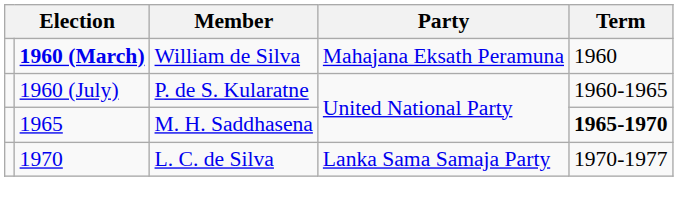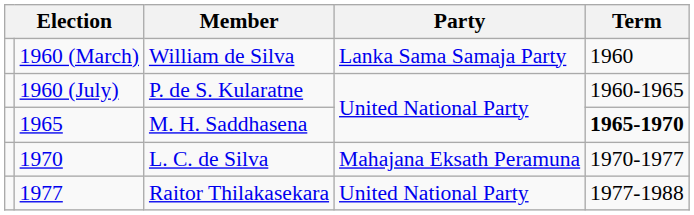 <table class="wikitable">
 <tr>
 <th colspan="2">Election</th>
 <th>Member</th>
 <th>Party</th>
 <th>Term</th>
 </tr>
 <tr>
 <td style="background-color: "></td>
-<td><strong><a href='#'>1960 (March)</a></strong></td>
+<td><a href='#'>1960 (March)</a></td>
 <td><a href='#'>William de Silva</a></td>
-<td><a href='#'>Mahajana Eksath Peramuna</a></td>
+<td><a href='#'>Lanka Sama Samaja Party</a></td>
 <td>1960</td>
 </tr>
 <tr>
 <td style="background-color: "></td>
 <td><a href='#'>1960 (July)</a></td>
 <td><a href='#'>P. de S. Kularatne</a></td>
 <td rowspan=2><a href='#'>United National Party</a></td>
 <td>1960-1965</td>
 </tr>
 <tr>
 <td style="background-color: "></td>
 <td><a href='#'>1965</a></td>
 <td><a href='#'>M. H. Saddhasena</a></td>
 <td><strong>1965-1970</strong></td>
 </tr>
 <tr>
 <td style="background-color: "></td>
 <td><a href='#'>1970</a></td>
 <td><a href='#'>L. C. de Silva</a></td>
-<td><a href='#'>Lanka Sama Samaja Party</a></td>
+<td><a href='#'>Mahajana Eksath Peramuna</a></td>
 <td>1970-1977</td>
 </tr>
+<tr>
+<td style="background-color: "></td>
+<td><a href='#'>1977</a></td>
+<td><a href='#'>Raitor Thilakasekara</a></td>
+<td><a href='#'>United National Party</a></td>
+<td>1977-1988</td>
+</tr>
 </table>
